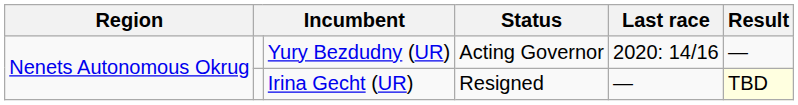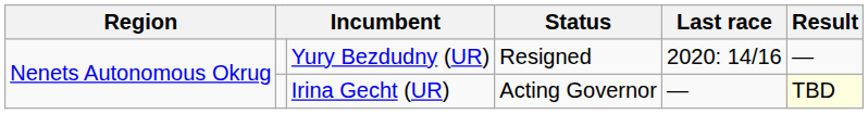 <table class="wikitable">
 <tr>
 <th>Region</th>
 <th colspan=2>Incumbent</th>
 <th>Status</th>
 <th>Last race</th>
 <th>Result</th>
 </tr>
 <tr>
 <td rowspan=2><a href='#'>Nenets Autonomous Okrug</a></td>
 <td style="background-color:"></td>
 <td><a href='#'>Yury Bezdudny</a> (<a href='#'>UR</a>)</td>
-<td>Acting Governor</td>
+<td>Resigned</td>
 <td>2020: 14/16</td>
 <td>—</td>
 </tr>
 <tr>
 <td style="background-color:"></td>
 <td><a href='#'>Irina Gecht</a> (<a href='#'>UR</a>)</td>
-<td>Resigned</td>
+<td>Acting Governor</td>
 <td>—</td>
 <td style="background: lightyellow;">TBD</td>
 </tr>
 </table>
